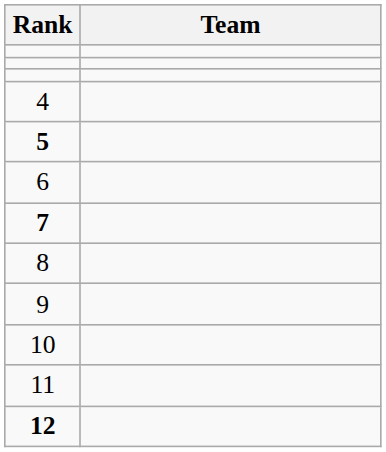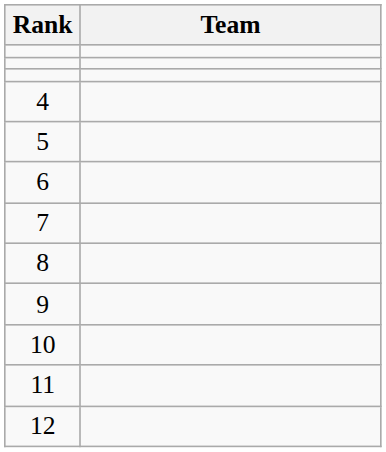 <table class="wikitable" style="text-align: center;">
 <tr>
 <th width=40>Rank</th>
 <th width=180>Team</th>
 </tr>
 <tr>
 <td></td>
 <td align=left></td>
 </tr>
 <tr>
 <td></td>
 <td align=left></td>
 </tr>
 <tr>
 <td></td>
 <td align=left></td>
 </tr>
 <tr>
 <td>4</td>
 <td align=left></td>
 </tr>
 <tr>
-<td><strong>5</strong></td>
+<td>5</td>
 <td align=left></td>
 </tr>
 <tr>
 <td>6</td>
 <td align=left></td>
 </tr>
 <tr>
-<td><strong>7</strong></td>
+<td>7</td>
 <td align=left></td>
 </tr>
 <tr>
 <td>8</td>
 <td align=left></td>
 </tr>
 <tr>
 <td>9</td>
 <td align=left></td>
 </tr>
 <tr>
 <td>10</td>
 <td align=left></td>
 </tr>
 <tr>
 <td>11</td>
 <td align=left></td>
 </tr>
 <tr>
-<td><strong>12</strong></td>
+<td>12</td>
 <td align=left></td>
 </tr>
 </table>
